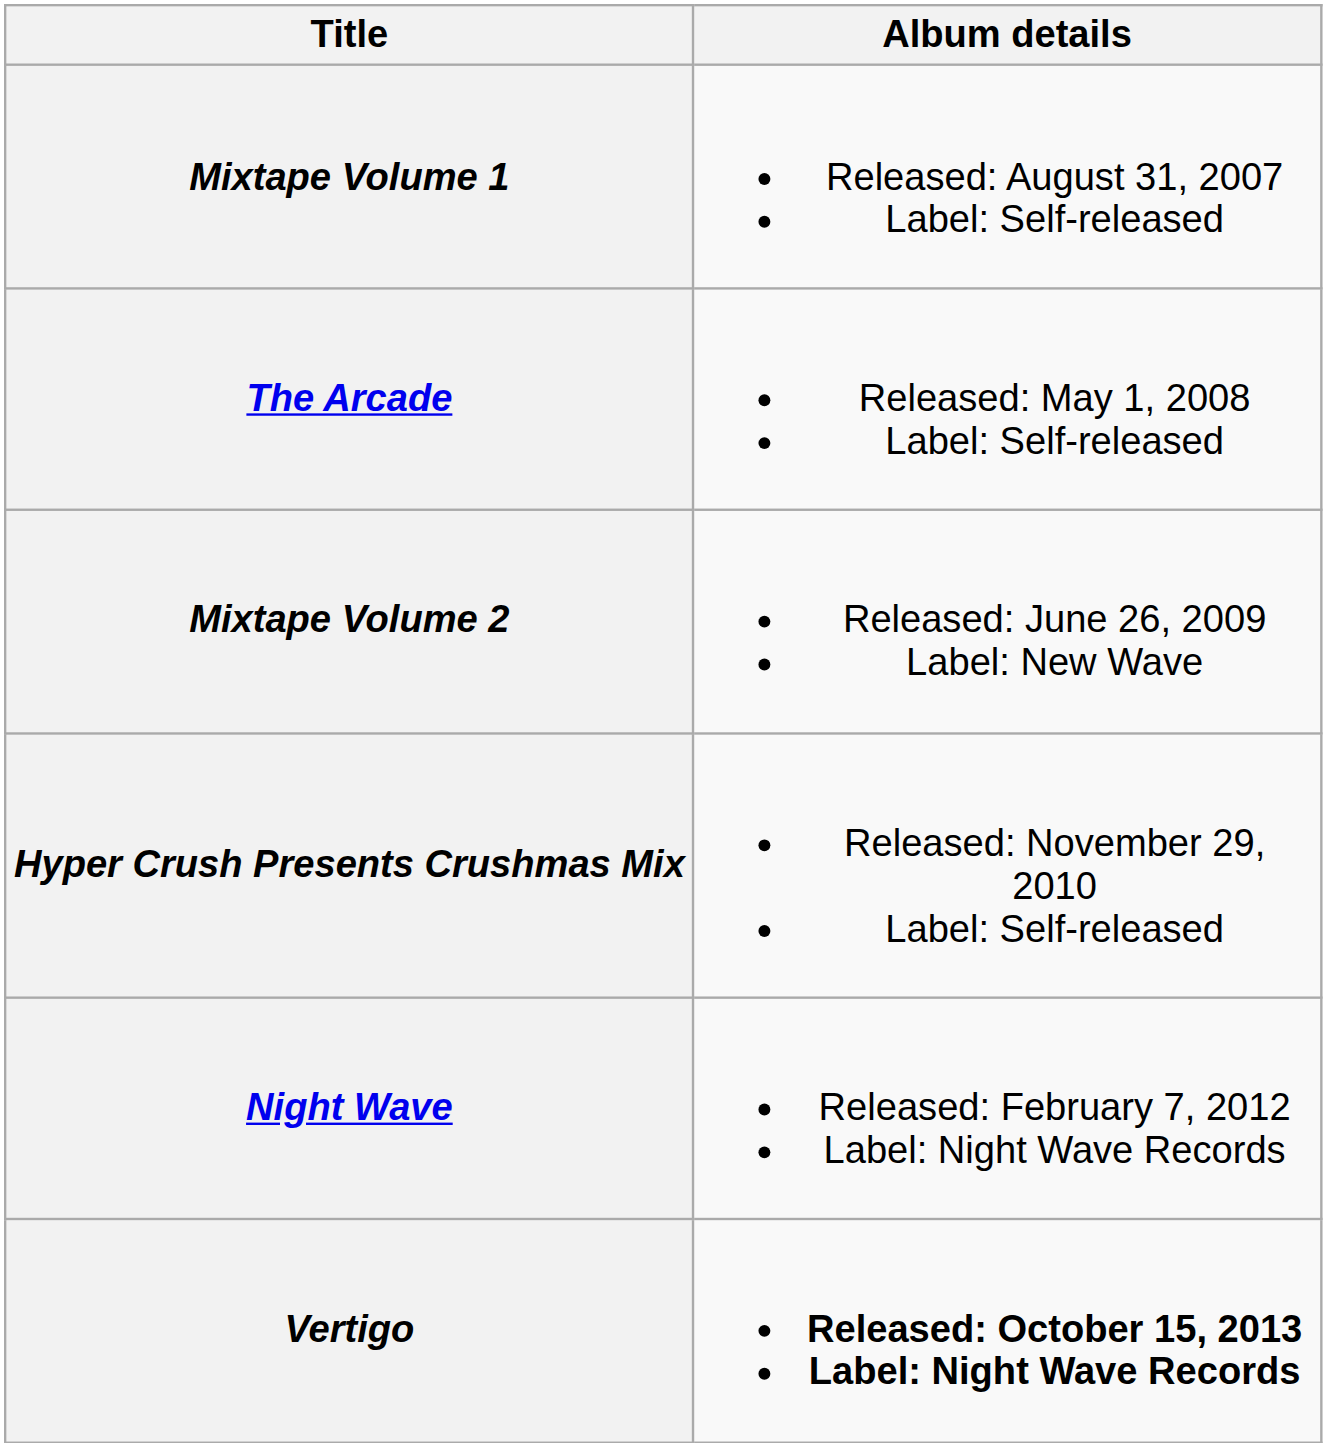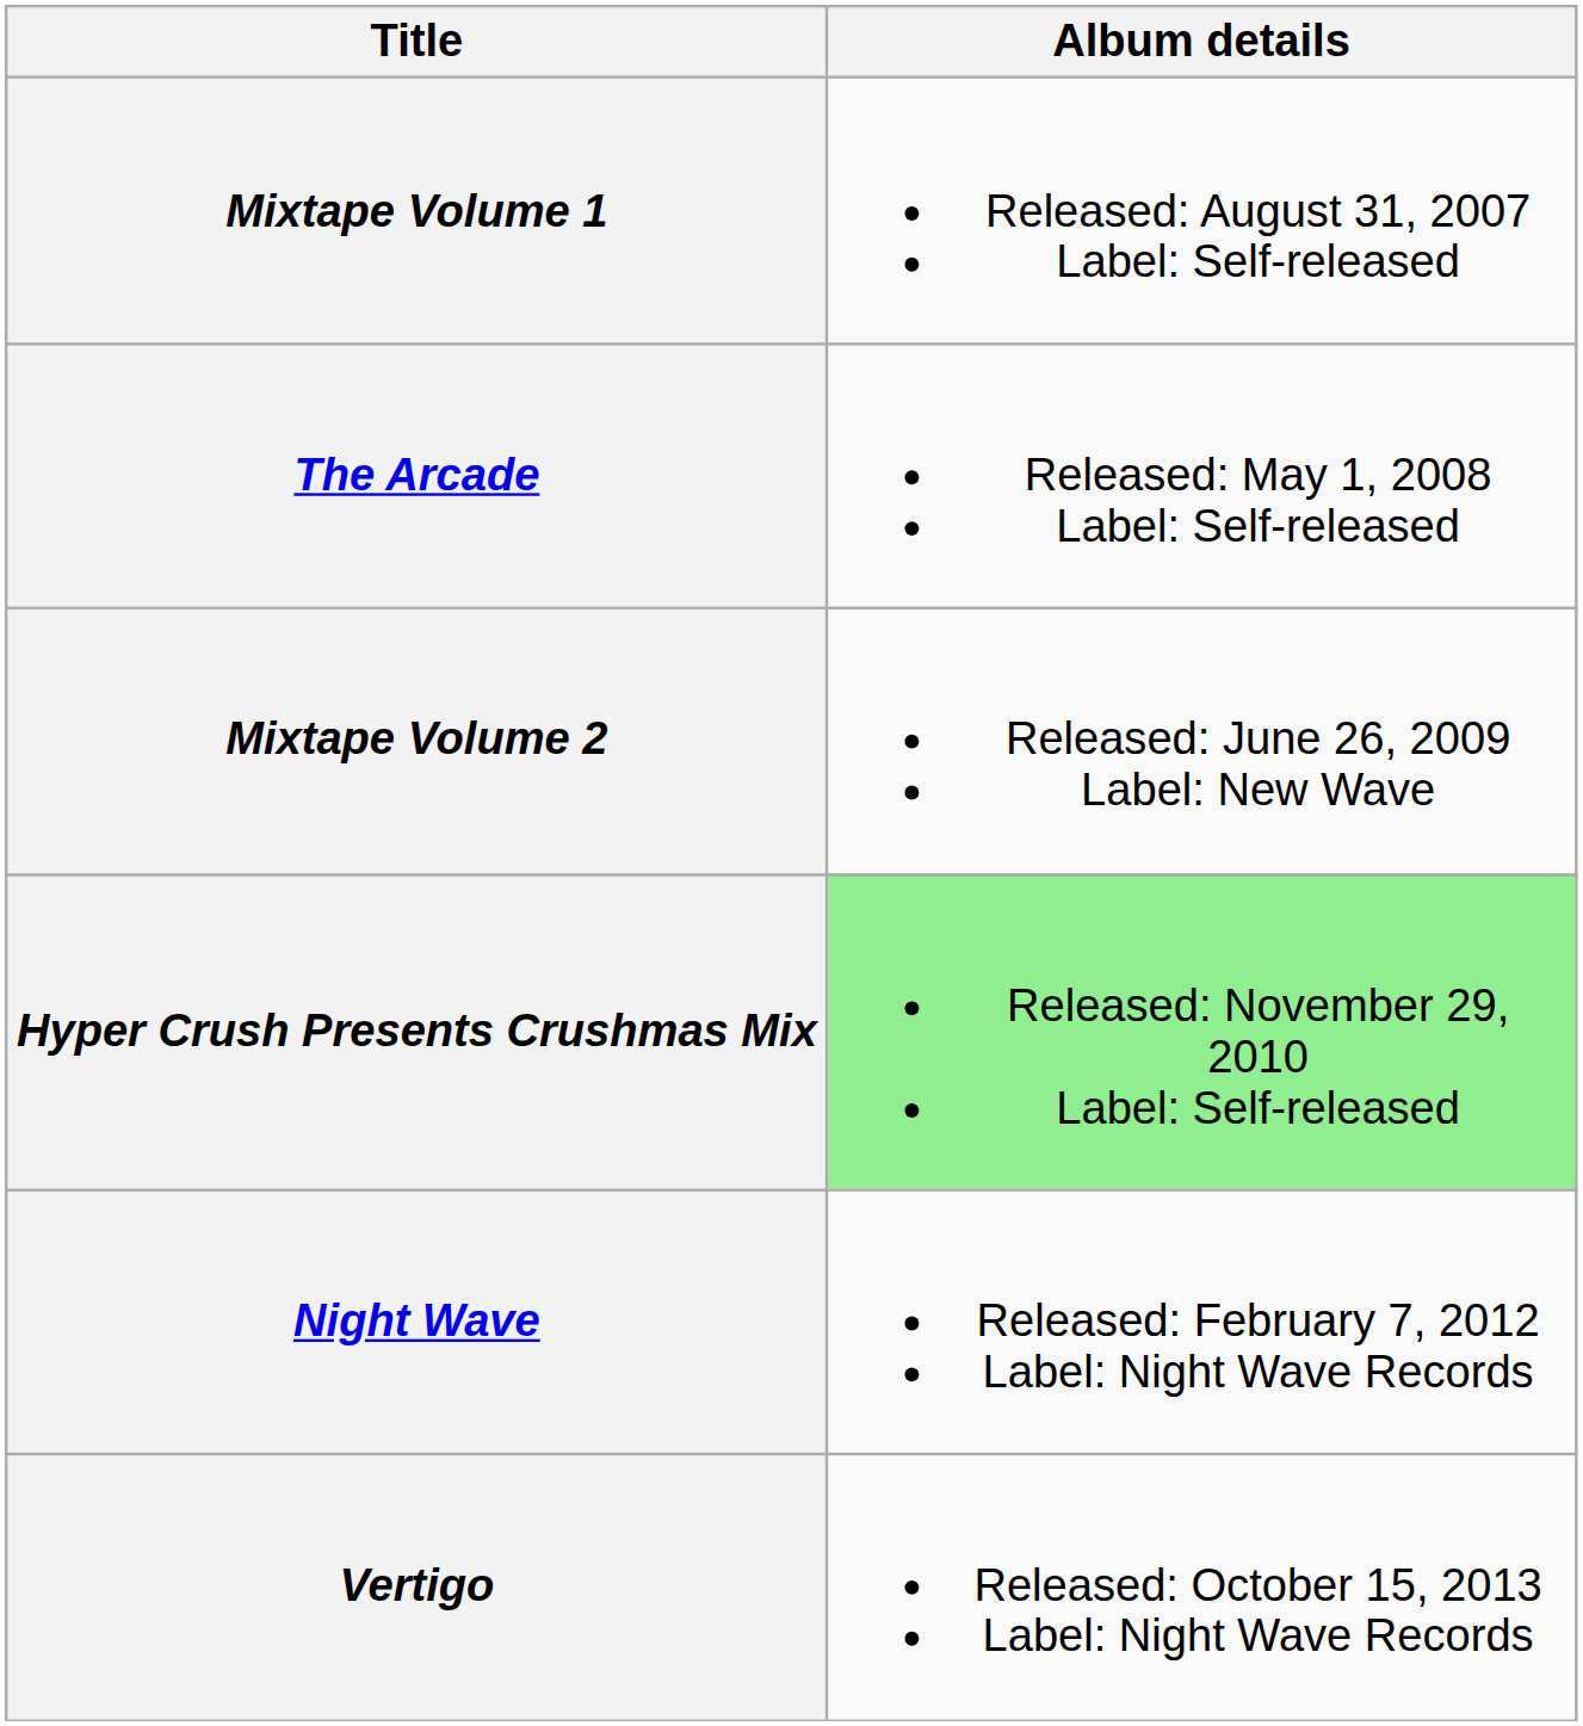 <table class="wikitable plainrowheaders" style="text-align:center;">
 <tr>
 <th scope="col">Title</th>
 <th scope="col" style="width:16em;">Album details</th>
 </tr>
 <tr>
 <th scope="row"><em>Mixtape Volume 1</em></th>
 <td><br><ul><li>Released: August 31, 2007</li><li>Label: Self-released</li></ul></td>
 </tr>
 <tr>
 <th scope="row"><em><a href='#'>The Arcade</a></em></th>
 <td><br><ul><li>Released: May 1, 2008</li><li>Label: Self-released</li></ul></td>
 </tr>
 <tr>
 <th scope="row"><em>Mixtape Volume 2</em></th>
 <td><br><ul><li>Released: June 26, 2009</li><li>Label: New Wave</li></ul></td>
 </tr>
 <tr>
 <th scope="row"><em>Hyper Crush Presents Crushmas Mix</em></th>
-<td><br><ul><li>Released: November 29, 2010</li><li>Label: Self-released</li></ul></td>
+<td style="background: lightgreen;"><br><ul><li>Released: November 29, 2010</li><li>Label: Self-released</li></ul></td>
 </tr>
 <tr>
 <th scope="row"><em><a href='#'>Night Wave</a></em></th>
 <td><br><ul><li>Released: February 7, 2012</li><li>Label: Night Wave Records</li></ul></td>
 </tr>
 <tr>
 <th scope="row"><em>Vertigo</em></th>
-<td><strong><br><ul><li>Released: October 15, 2013</li><li>Label: Night Wave Records</li></ul></strong></td>
+<td><br><ul><li>Released: October 15, 2013</li><li>Label: Night Wave Records</li></ul></td>
 </tr>
 </table>
